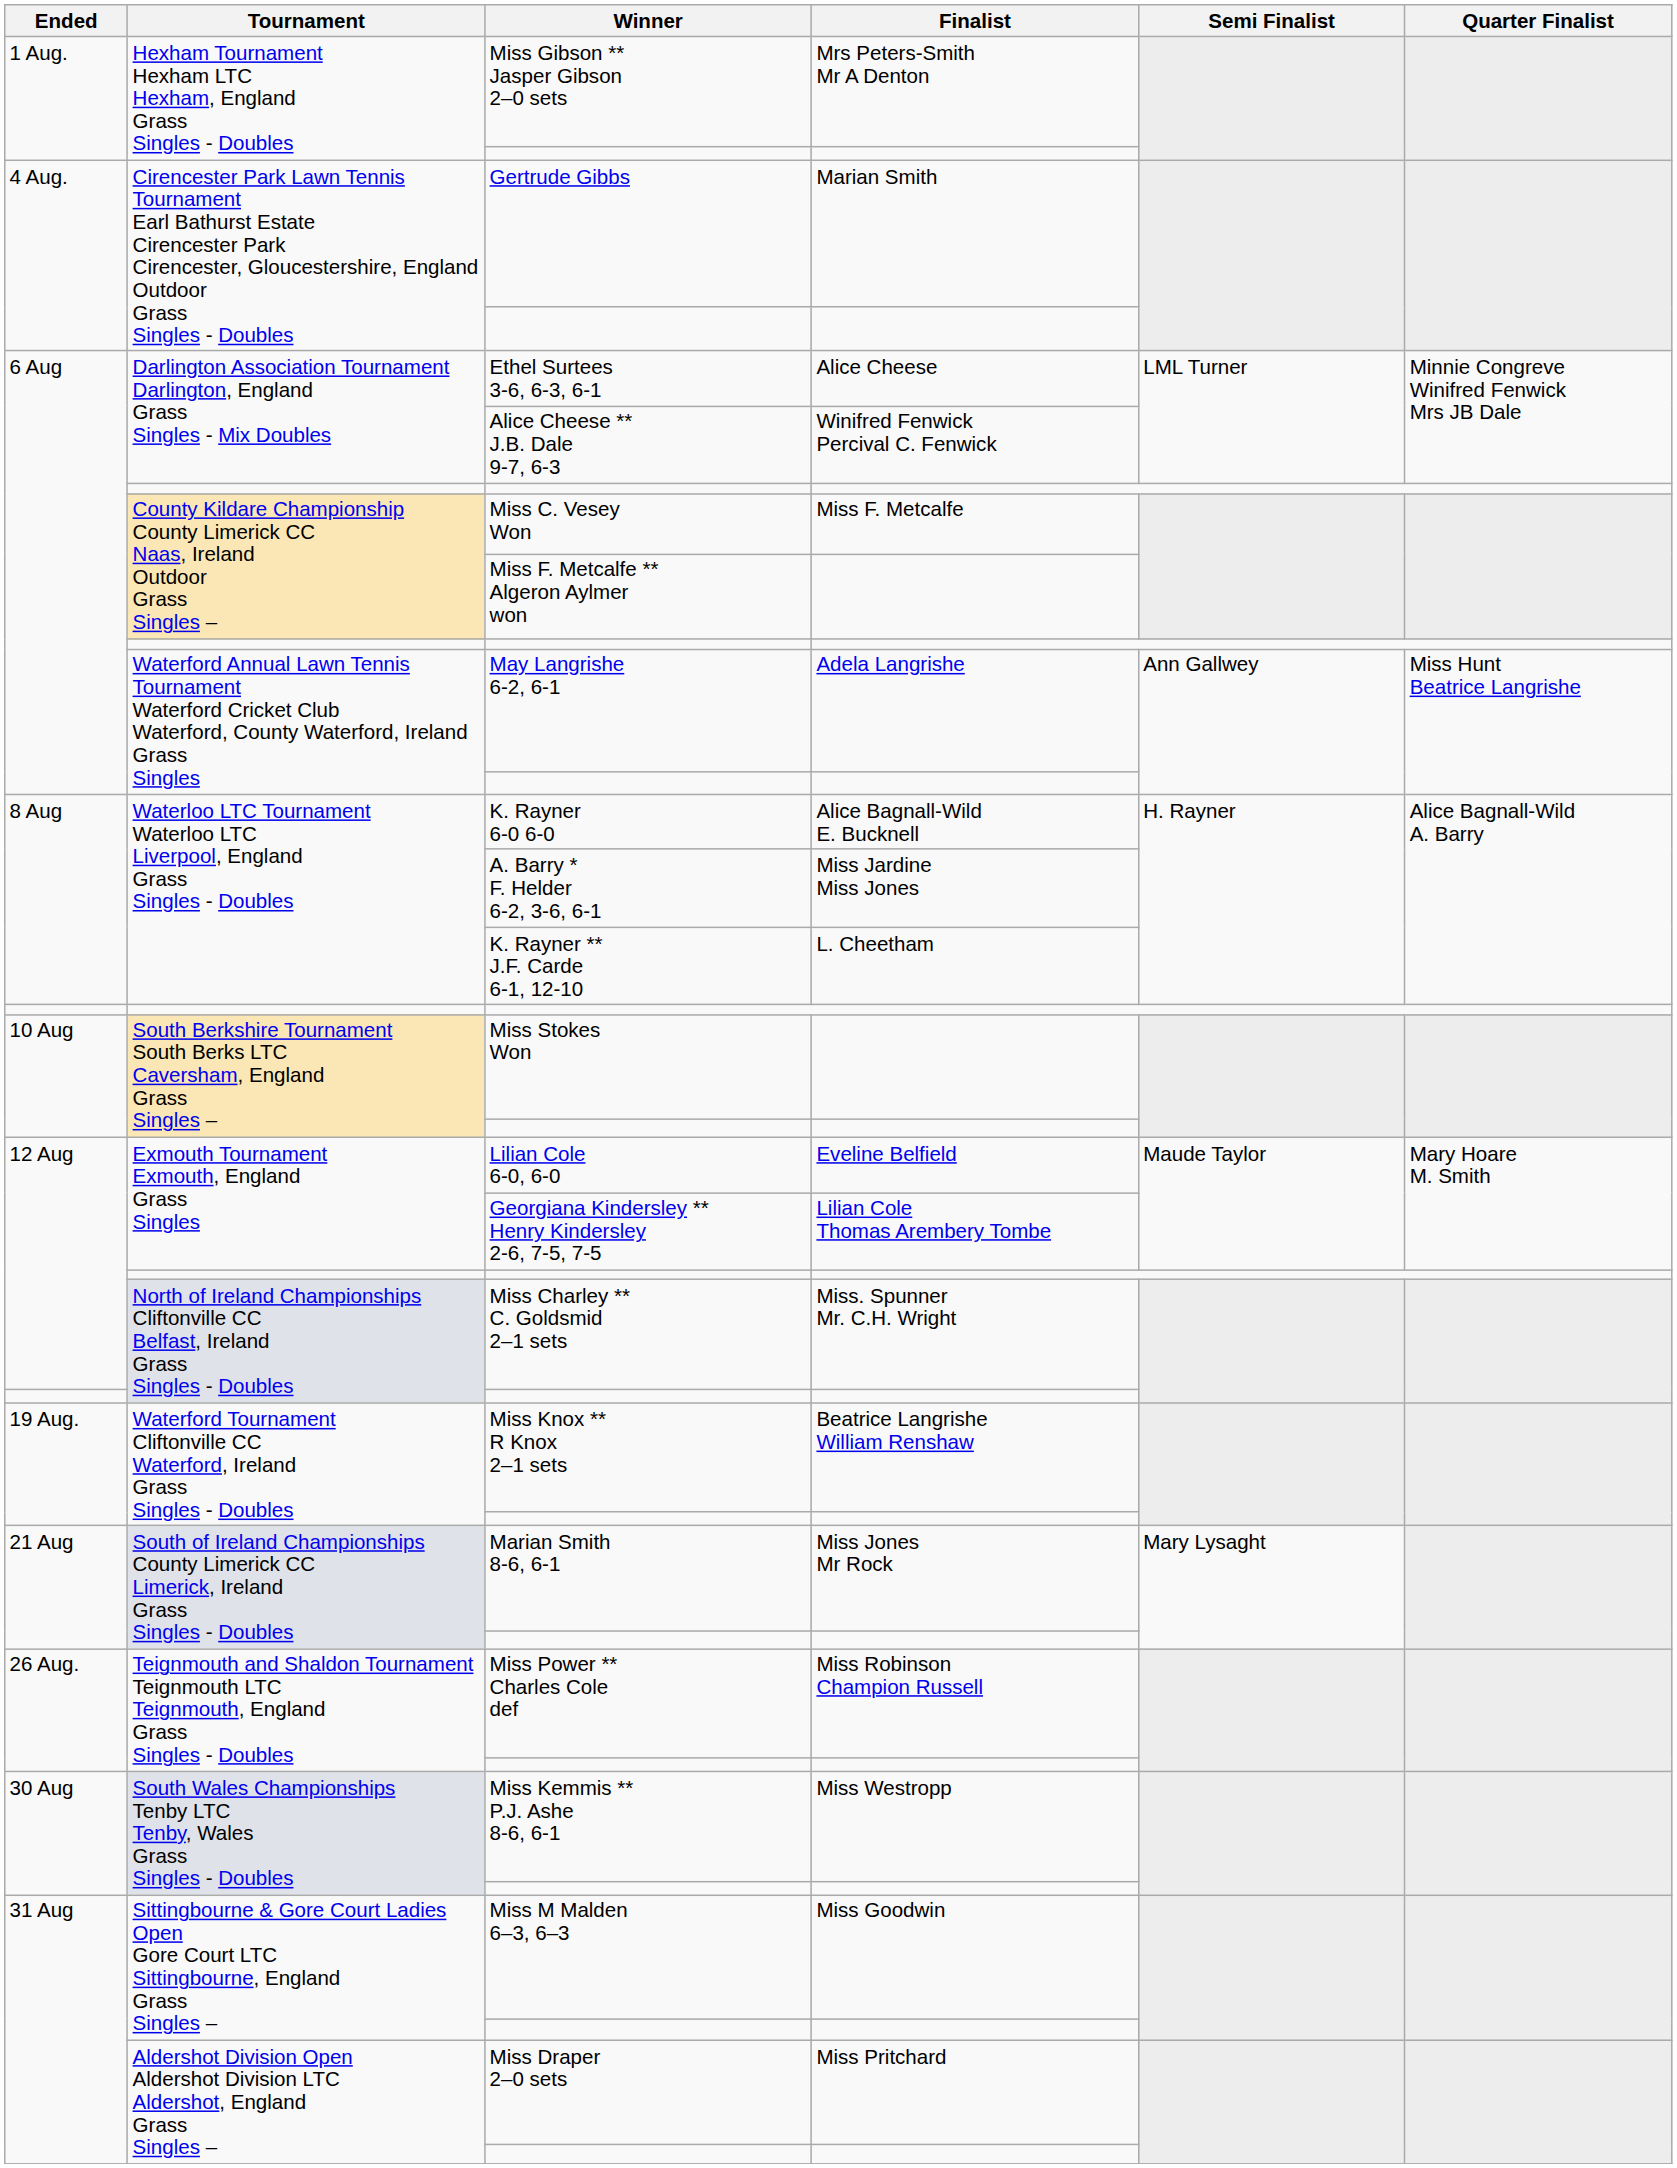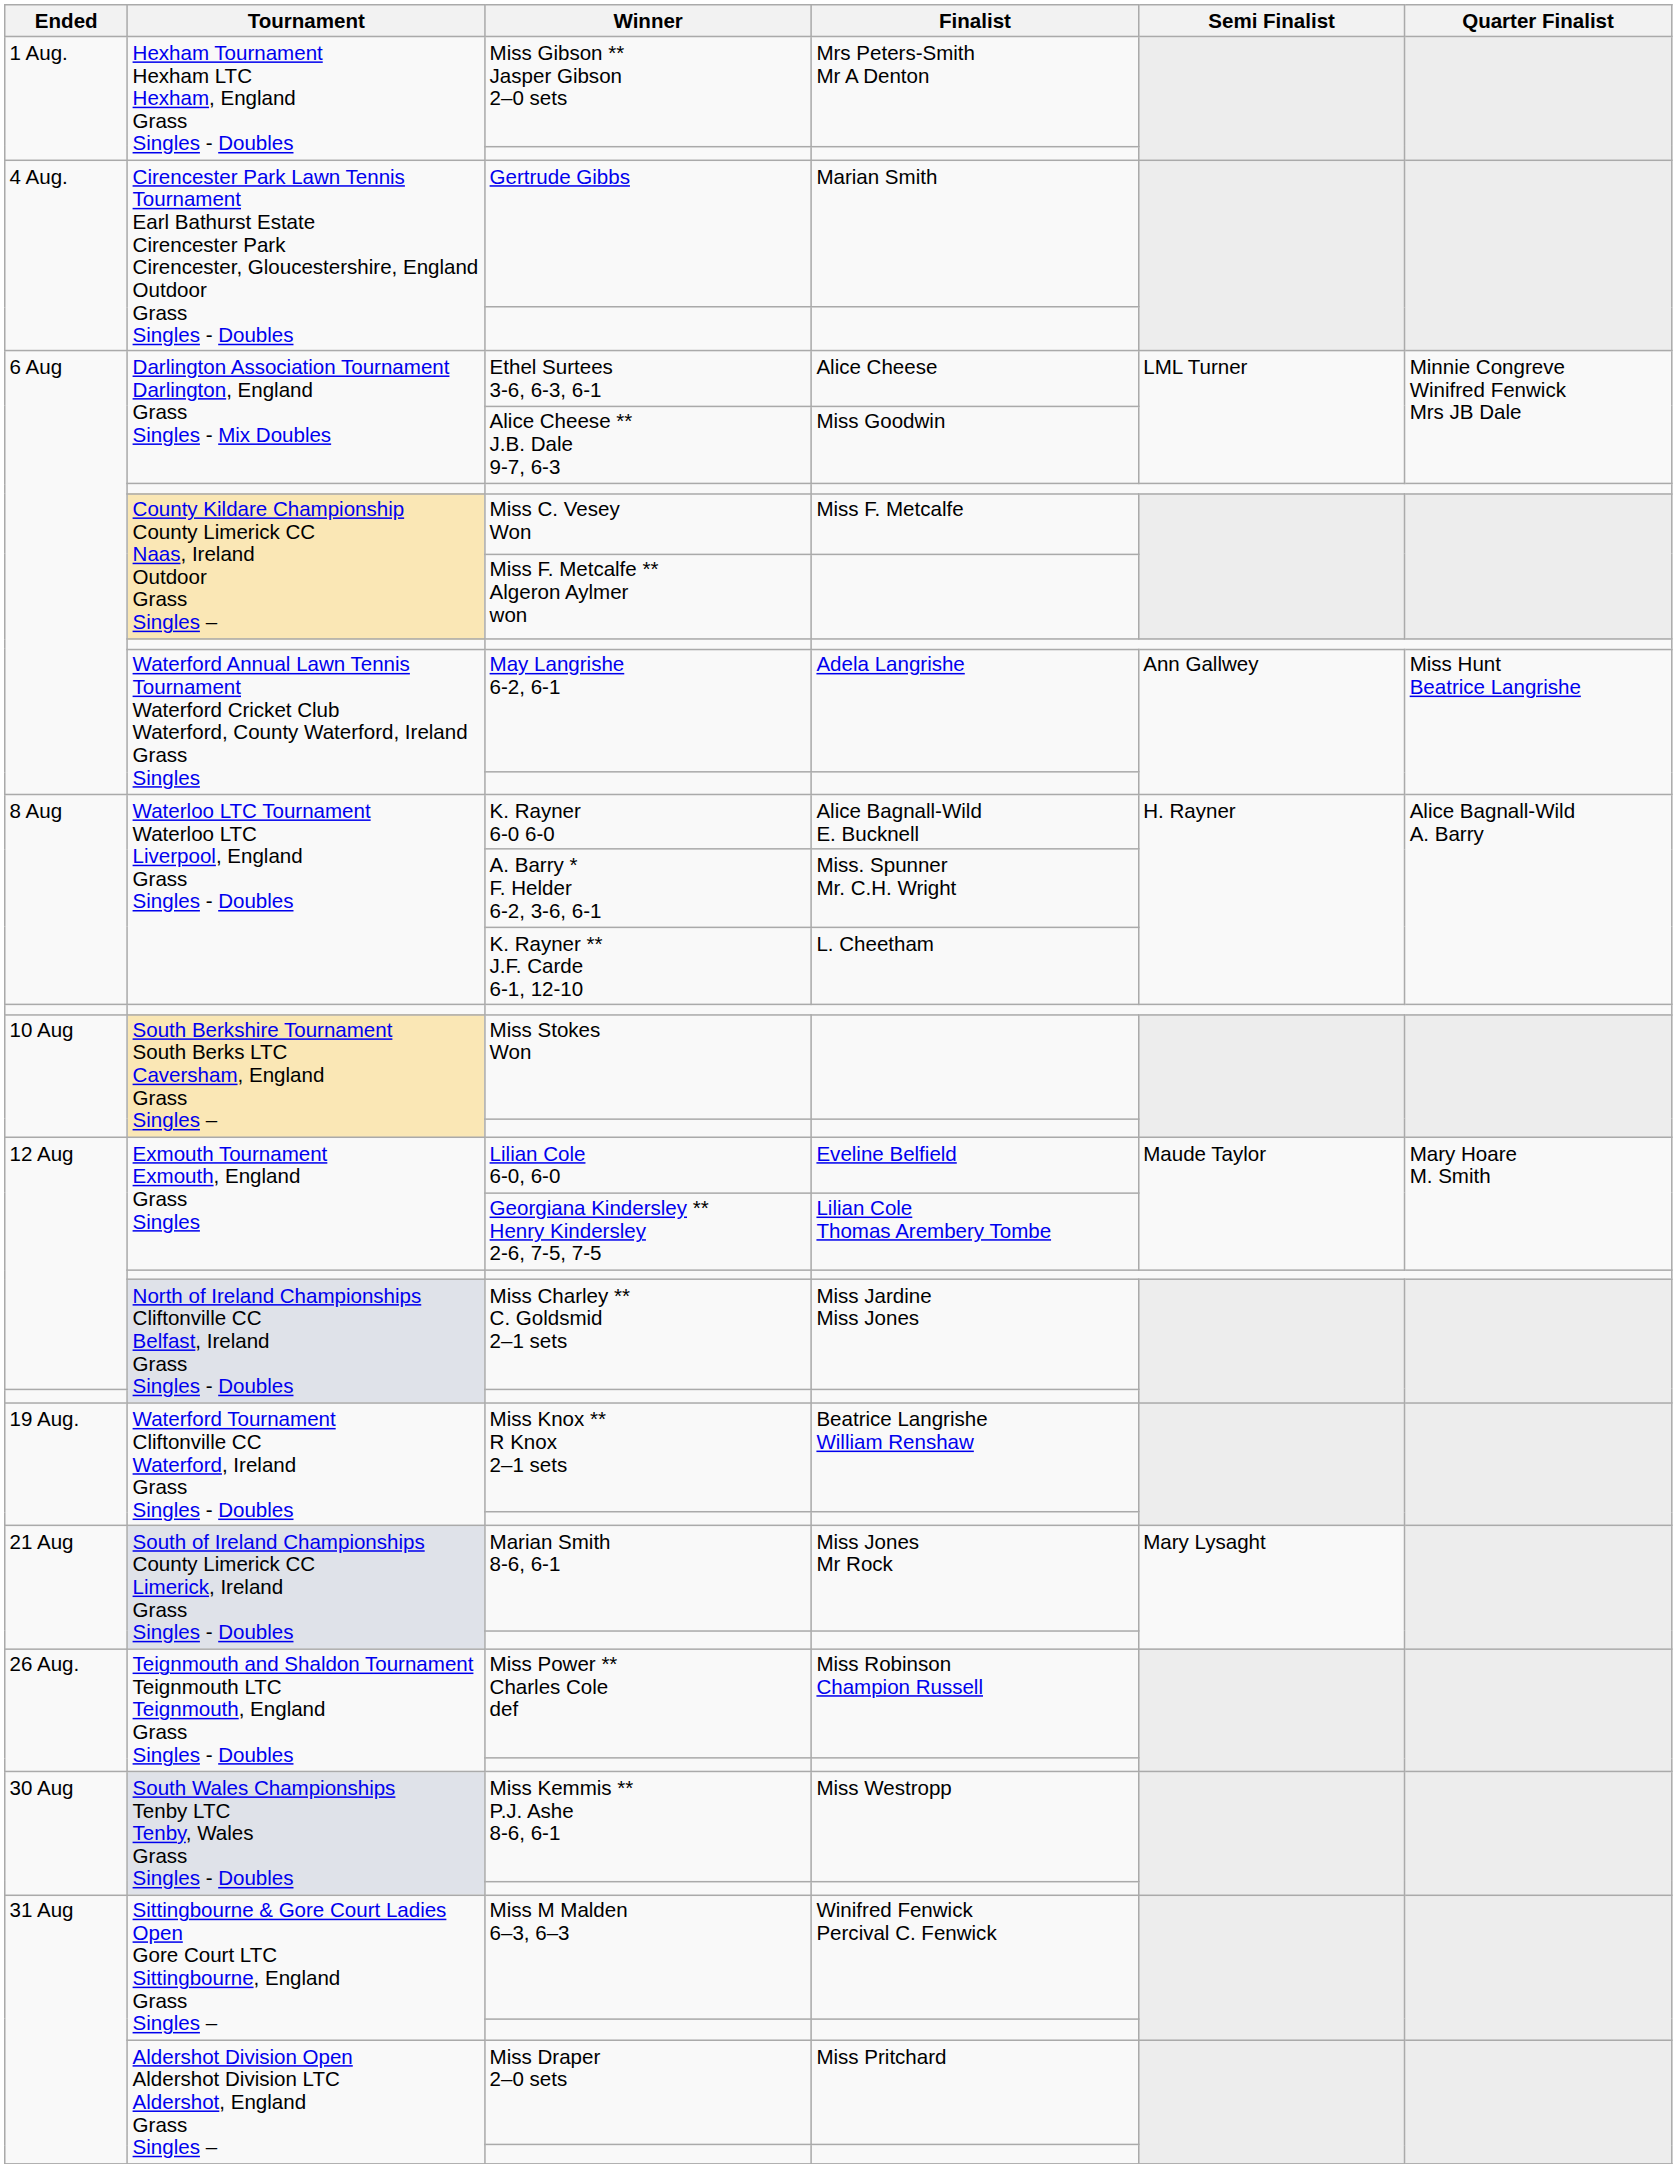 <table class="wikitable" style="font-size:85%;">
 <tr>
 <th width="75">Ended</th>
 <th width="230">Tournament</th>
 <th width="210">Winner</th>
 <th width="210">Finalist</th>
 <th width="170">Semi Finalist</th>
 <th width="170">Quarter Finalist</th>
 </tr>
 <tr valign=top>
 <td rowspan=2>1 Aug.</td>
 <td rowspan=2><a href='#'>Hexham Tournament</a><br>Hexham LTC<br><a href='#'>Hexham</a>, England<br>Grass<br><a href='#'>Singles</a> - <a href='#'>Doubles</a></td>
 <td> Miss Gibson **<br> Jasper Gibson<br>2–0 sets</td>
 <td> Mrs Peters-Smith<br> Mr A Denton</td>
 <td style="background:#ededed;" rowspan=2></td>
 <td style="background:#ededed;" rowspan=2></td>
 </tr>
 <tr valign=top>
 <td></td>
 <td></td>
 </tr>
 <tr valign=top>
 <td rowspan=2>4 Aug.</td>
 <td rowspan=2><a href='#'>Cirencester Park Lawn Tennis Tournament</a><br>Earl Bathurst Estate<br>Cirencester Park<br> Cirencester, Gloucestershire, England<br>Outdoor<br>Grass<br><a href='#'>Singles</a> - <a href='#'>Doubles</a></td>
 <td> <a href='#'>Gertrude Gibbs</a><br></td>
 <td> Marian Smith</td>
 <td style="background:#ededed;" rowspan=2></td>
 <td style="background:#ededed;" rowspan=2></td>
 </tr>
 <tr valign=top>
 <td></td>
 <td></td>
 </tr>
 <tr valign=top>
 <td rowspan=8>6 Aug</td>
 <td rowspan=2><a href='#'>Darlington Association Tournament</a> <br><a href='#'>Darlington</a>, England<br>Grass<br><a href='#'>Singles</a> - <a href='#'>Mix Doubles</a></td>
 <td> Ethel Surtees<br>3-6, 6-3, 6-1</td>
 <td> Alice Cheese<br></td>
 <td rowspan=2> LML Turner</td>
 <td rowspan=2> Minnie Congreve<br> Winifred Fenwick  <br> Mrs JB Dale<br></td>
 </tr>
 <tr valign=top>
 <td> Alice Cheese ** <br> J.B. Dale<br> 9-7, 6-3</td>
-<td> Winifred Fenwick<br> Percival C. Fenwick</td>
+<td> Miss Goodwin</td>
 </tr>
 <tr valign=top>
 <td></td>
 <td></td>
 </tr>
 <tr valign=top>
 <td style="background:#fae7b5" rowspan=2><a href='#'>County Kildare Championship</a><br>County Limerick CC<br><a href='#'>Naas</a>, Ireland<br>Outdoor<br>Grass<br><a href='#'>Singles</a> –</td>
 <td> Miss C. Vesey<br>Won</td>
 <td> Miss F. Metcalfe</td>
 <td style="background:#ededed;" rowspan=2></td>
 <td style="background:#ededed;" rowspan=2></td>
 </tr>
 <tr valign=top>
 <td> Miss F. Metcalfe ** <br> Algeron Aylmer<br>won</td>
 <td></td>
 </tr>
 <tr valign=top>
 <td></td>
 <td></td>
 </tr>
 <tr valign=top>
 <td rowspan=2><a href='#'>Waterford Annual Lawn Tennis Tournament</a><br>Waterford Cricket Club<br>Waterford,  County Waterford, Ireland<br>Grass<br><a href='#'>Singles</a></td>
 <td> <a href='#'>May Langrishe</a><br>6-2, 6-1</td>
 <td> <a href='#'>Adela Langrishe</a></td>
 <td rowspan=2> Ann Gallwey</td>
 <td rowspan=2> Miss Hunt<br> <a href='#'>Beatrice Langrishe</a></td>
 </tr>
 <tr valign=top>
 <td></td>
 <td></td>
 </tr>
 <tr valign=top>
 <td rowspan=3>8 Aug</td>
 <td rowspan=3><a href='#'>Waterloo LTC Tournament</a><br>Waterloo LTC<br><a href='#'>Liverpool</a>, England<br>Grass<br><a href='#'>Singles</a> - <a href='#'>Doubles</a></td>
 <td>  K. Rayner<br>6-0 6-0</td>
 <td> Alice Bagnall-Wild<br>  E. Bucknell</td>
 <td rowspan=3>  H. Rayner</td>
 <td rowspan=3>  Alice Bagnall-Wild<br>  A. Barry</td>
 </tr>
 <tr valign=top>
 <td>  A. Barry * <br>  F. Helder <br>6-2, 3-6, 6-1</td>
-<td>  Miss Jardine<br>  Miss Jones</td>
+<td> Miss. Spunner<br> Mr. C.H. Wright</td>
 </tr>
 <tr valign=top>
 <td>  K. Rayner ** <br>  J.F. Carde<br>6-1, 12-10</td>
 <td>  L. Cheetham</td>
 </tr>
 <tr valign=top>
 <td></td>
 <td></td>
 </tr>
 <tr valign=top>
 <td rowspan=2>10 Aug</td>
 <td style="background:#fae7b5" rowspan=2><a href='#'>South Berkshire Tournament</a><br>South Berks LTC<br><a href='#'>Caversham</a>, England<br>Grass<br><a href='#'>Singles</a> –</td>
 <td> Miss Stokes<br>Won</td>
 <td></td>
 <td style="background:#ededed;" rowspan=2></td>
 <td style="background:#ededed;" rowspan=2></td>
 </tr>
 <tr valign=top>
 <td></td>
 <td></td>
 </tr>
 <tr valign=top>
 <td rowspan=4>12 Aug</td>
 <td rowspan=2><a href='#'>Exmouth Tournament</a><br><a href='#'>Exmouth</a>, England<br>Grass<br><a href='#'>Singles</a></td>
 <td> <a href='#'>Lilian Cole</a><br>6-0, 6-0</td>
 <td>  <a href='#'>Eveline Belfield</a></td>
 <td rowspan=2>  Maude Taylor</td>
 <td rowspan=2>  Mary Hoare<br>   M. Smith</td>
 </tr>
 <tr valign=top>
 <td> <a href='#'>Georgiana Kindersley</a> ** <br> <a href='#'>Henry Kindersley</a><br>2-6, 7-5, 7-5</td>
 <td> <a href='#'>Lilian Cole</a><br> <a href='#'>Thomas Arembery Tombe</a></td>
 </tr>
 <tr valign=top>
 <td></td>
 <td></td>
 </tr>
 <tr valign=top>
 <td style="background:#dfe2e9" rowspan=2><a href='#'>North of Ireland Championships</a><br>Cliftonville CC<br><a href='#'>Belfast</a>, Ireland<br>Grass<br><a href='#'>Singles</a> - <a href='#'>Doubles</a></td>
 <td> Miss Charley **<br> C. Goldsmid<br>2–1 sets</td>
-<td> Miss. Spunner<br> Mr. C.H. Wright</td>
+<td>  Miss Jardine<br>  Miss Jones</td>
 <td style="background:#ededed;" rowspan=2></td>
 <td style="background:#ededed;" rowspan=2></td>
 </tr>
 <tr valign=top>
 <td></td>
 <td></td>
 </tr>
 <tr valign=top>
 <td rowspan=2>19 Aug.</td>
 <td rowspan=2><a href='#'>Waterford Tournament</a><br>Cliftonville CC<br><a href='#'>Waterford</a>, Ireland<br>Grass<br><a href='#'>Singles</a> - <a href='#'>Doubles</a></td>
 <td> Miss Knox **<br> R Knox<br>2–1 sets</td>
 <td> Beatrice Langrishe<br> <a href='#'>William Renshaw</a></td>
 <td style="background:#ededed;" rowspan=2></td>
 <td style="background:#ededed;" rowspan=2></td>
 </tr>
 <tr valign=top>
 <td></td>
 <td></td>
 </tr>
 <tr valign=top>
 <td rowspan=2>21 Aug</td>
 <td style="background:#dfe2e9" rowspan=2><a href='#'>South of Ireland Championships</a><br>County Limerick CC<br> <a href='#'>Limerick</a>,  Ireland<br>Grass<br><a href='#'>Singles</a>  - <a href='#'>Doubles</a></td>
 <td> Marian Smith<br>8-6, 6-1</td>
 <td> Miss Jones<br> Mr Rock</td>
 <td rowspan=2> Mary Lysaght</td>
 <td style="background:#ededed;" rowspan=2></td>
 </tr>
 <tr valign=top>
 <td></td>
 <td></td>
 </tr>
 <tr valign=top>
 <td rowspan=2>26 Aug.</td>
 <td rowspan=2><a href='#'>Teignmouth and Shaldon Tournament</a><br>Teignmouth LTC<br><a href='#'>Teignmouth</a>, England<br>Grass<br><a href='#'>Singles</a> - <a href='#'>Doubles</a></td>
 <td> Miss Power **<br> Charles Cole<br>def</td>
 <td> Miss Robinson<br> <a href='#'>Champion Russell</a></td>
 <td style="background:#ededed;" rowspan=2></td>
 <td style="background:#ededed;" rowspan=2></td>
 </tr>
 <tr valign=top>
 <td></td>
 <td></td>
 </tr>
 <tr valign=top>
 <td rowspan=2>30 Aug</td>
 <td style="background:#dfe2e9" rowspan=2><a href='#'>South Wales Championships</a><br>Tenby LTC<br> <a href='#'>Tenby</a>, Wales<br>Grass<br><a href='#'>Singles</a> - <a href='#'>Doubles</a></td>
 <td> Miss Kemmis **<br> P.J. Ashe<br>8-6, 6-1</td>
 <td> Miss Westropp</td>
 <td style="background:#ededed;" rowspan=2></td>
 <td style="background:#ededed;" rowspan=2></td>
 </tr>
 <tr valign=top>
 <td></td>
 <td></td>
 </tr>
 <tr valign=top>
 <td rowspan=4>31 Aug</td>
 <td rowspan=2><a href='#'>Sittingbourne & Gore Court Ladies Open</a><br>Gore Court LTC<br><a href='#'>Sittingbourne</a>, England<br>Grass<br><a href='#'>Singles</a> –</td>
 <td> Miss M Malden <br>6–3, 6–3</td>
-<td> Miss Goodwin</td>
+<td> Winifred Fenwick<br> Percival C. Fenwick</td>
 <td style="background:#ededed;" rowspan=2></td>
 <td style="background:#ededed;" rowspan=2></td>
 </tr>
 <tr valign=top>
 <td></td>
 <td></td>
 </tr>
 <tr valign=top>
 <td rowspan=2><a href='#'>Aldershot Division Open</a><br>Aldershot Division LTC<br><a href='#'>Aldershot</a>, England<br>Grass<br><a href='#'>Singles</a> –</td>
 <td> Miss Draper<br>2–0 sets</td>
 <td> Miss Pritchard</td>
 <td style="background:#ededed;" rowspan=2></td>
 <td style="background:#ededed;" rowspan=2></td>
 </tr>
 <tr valign=top>
 <td></td>
 <td></td>
 </tr>
 <tr valign=top>
 </tr>
 </table>
